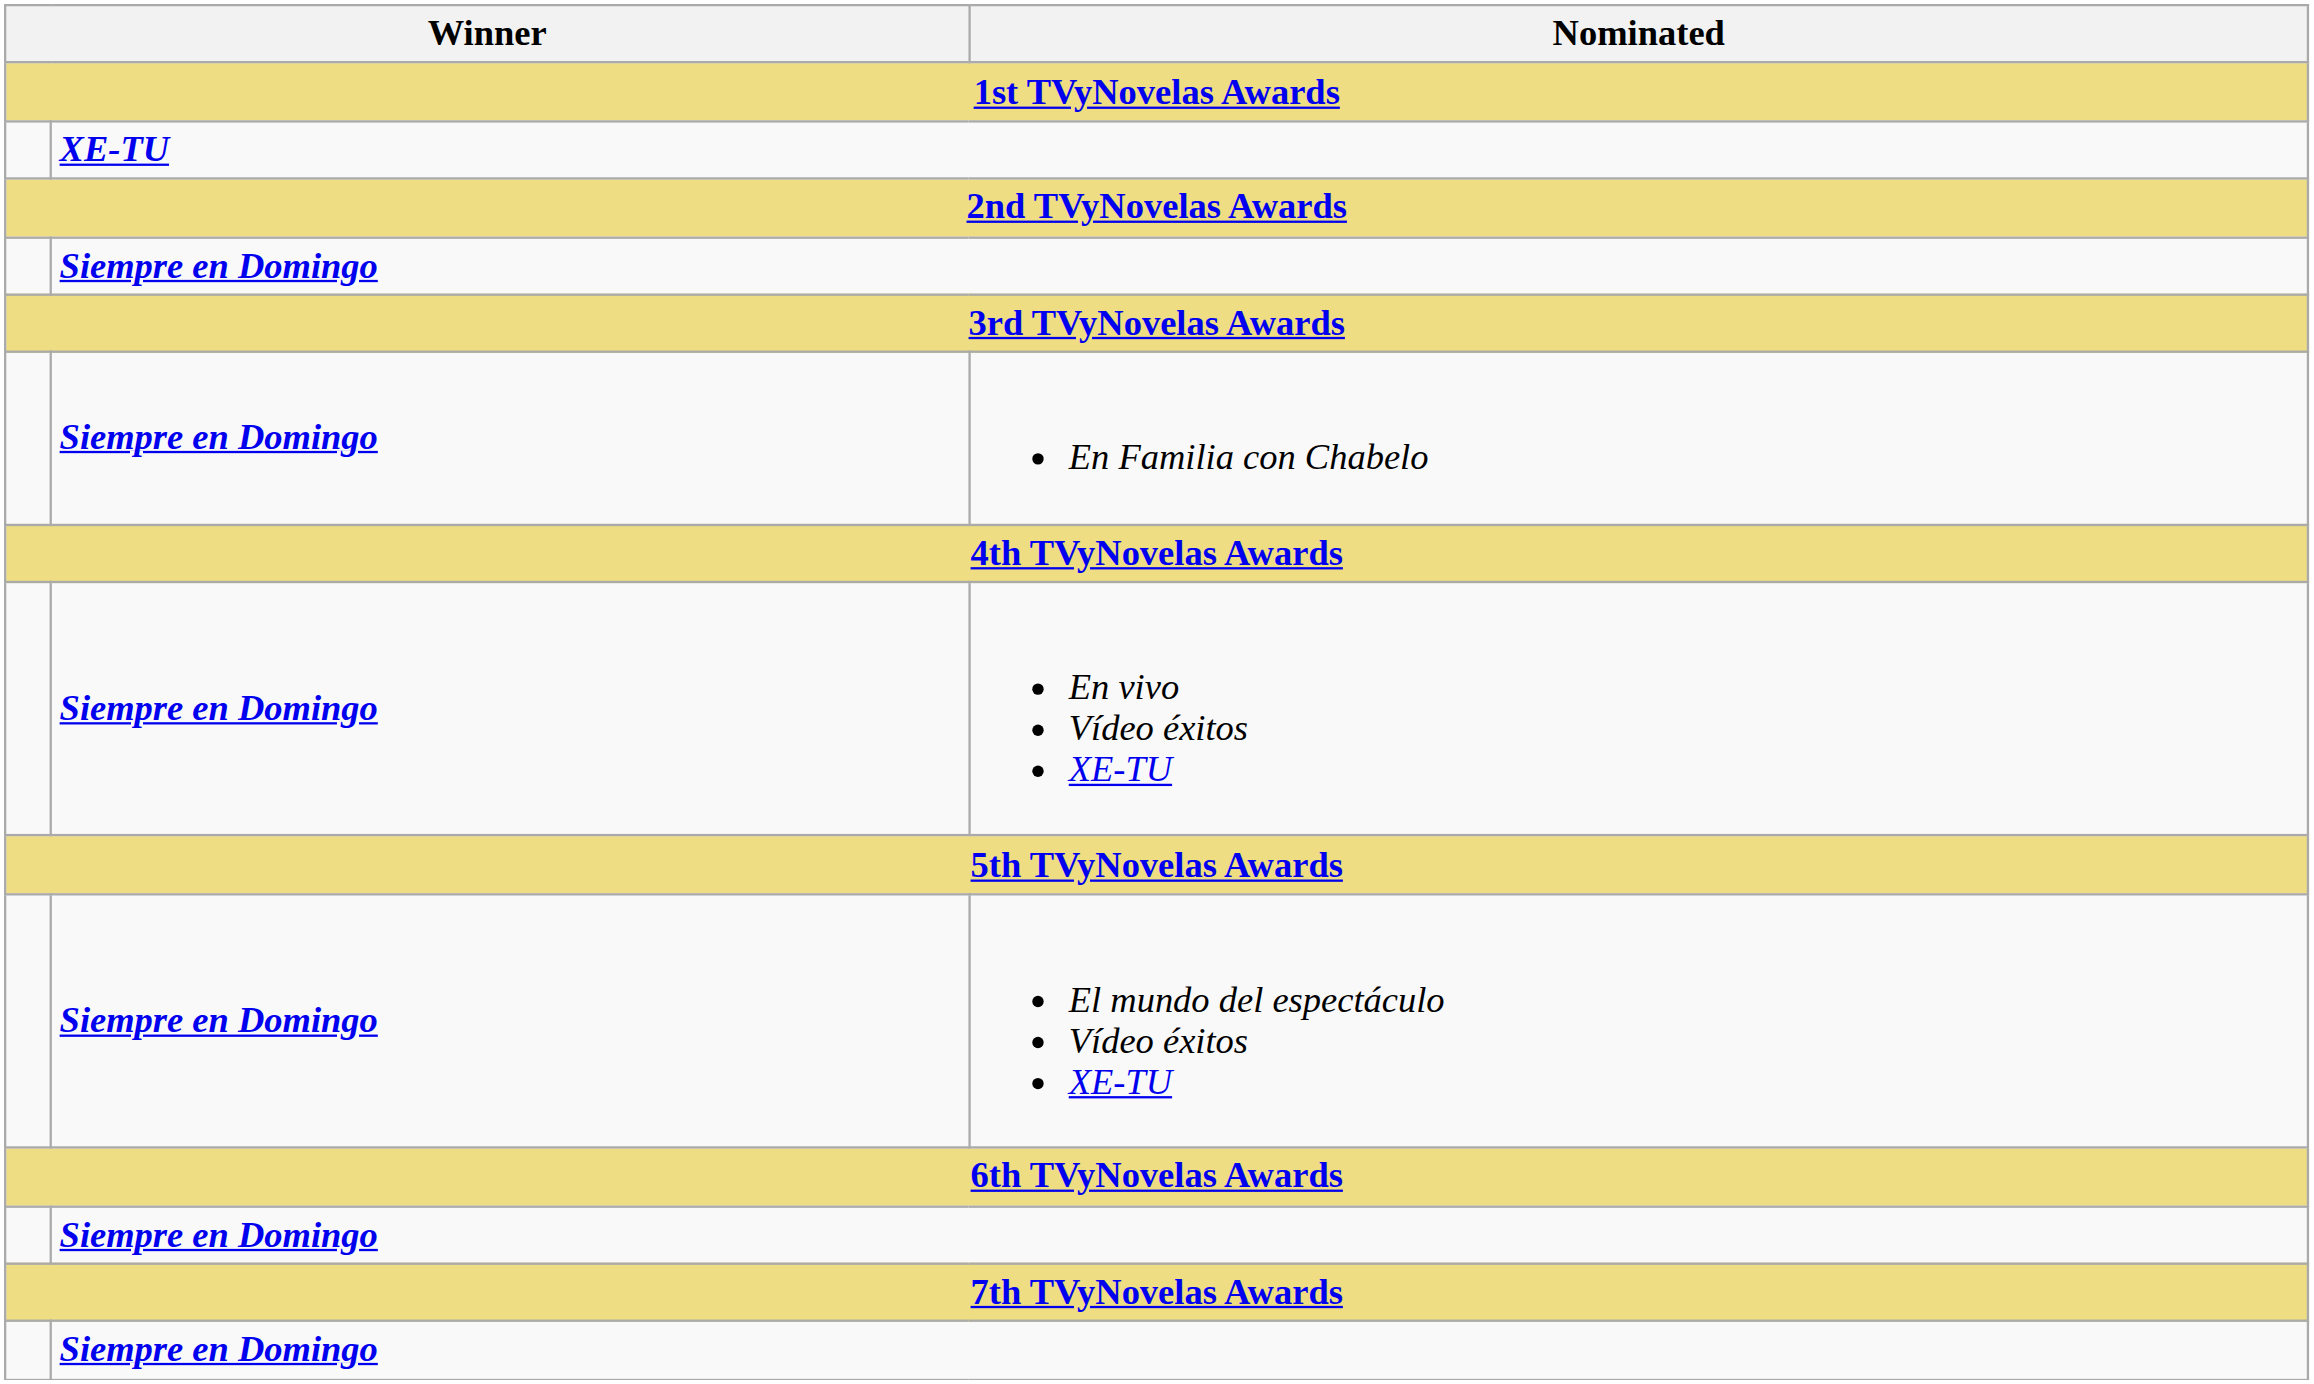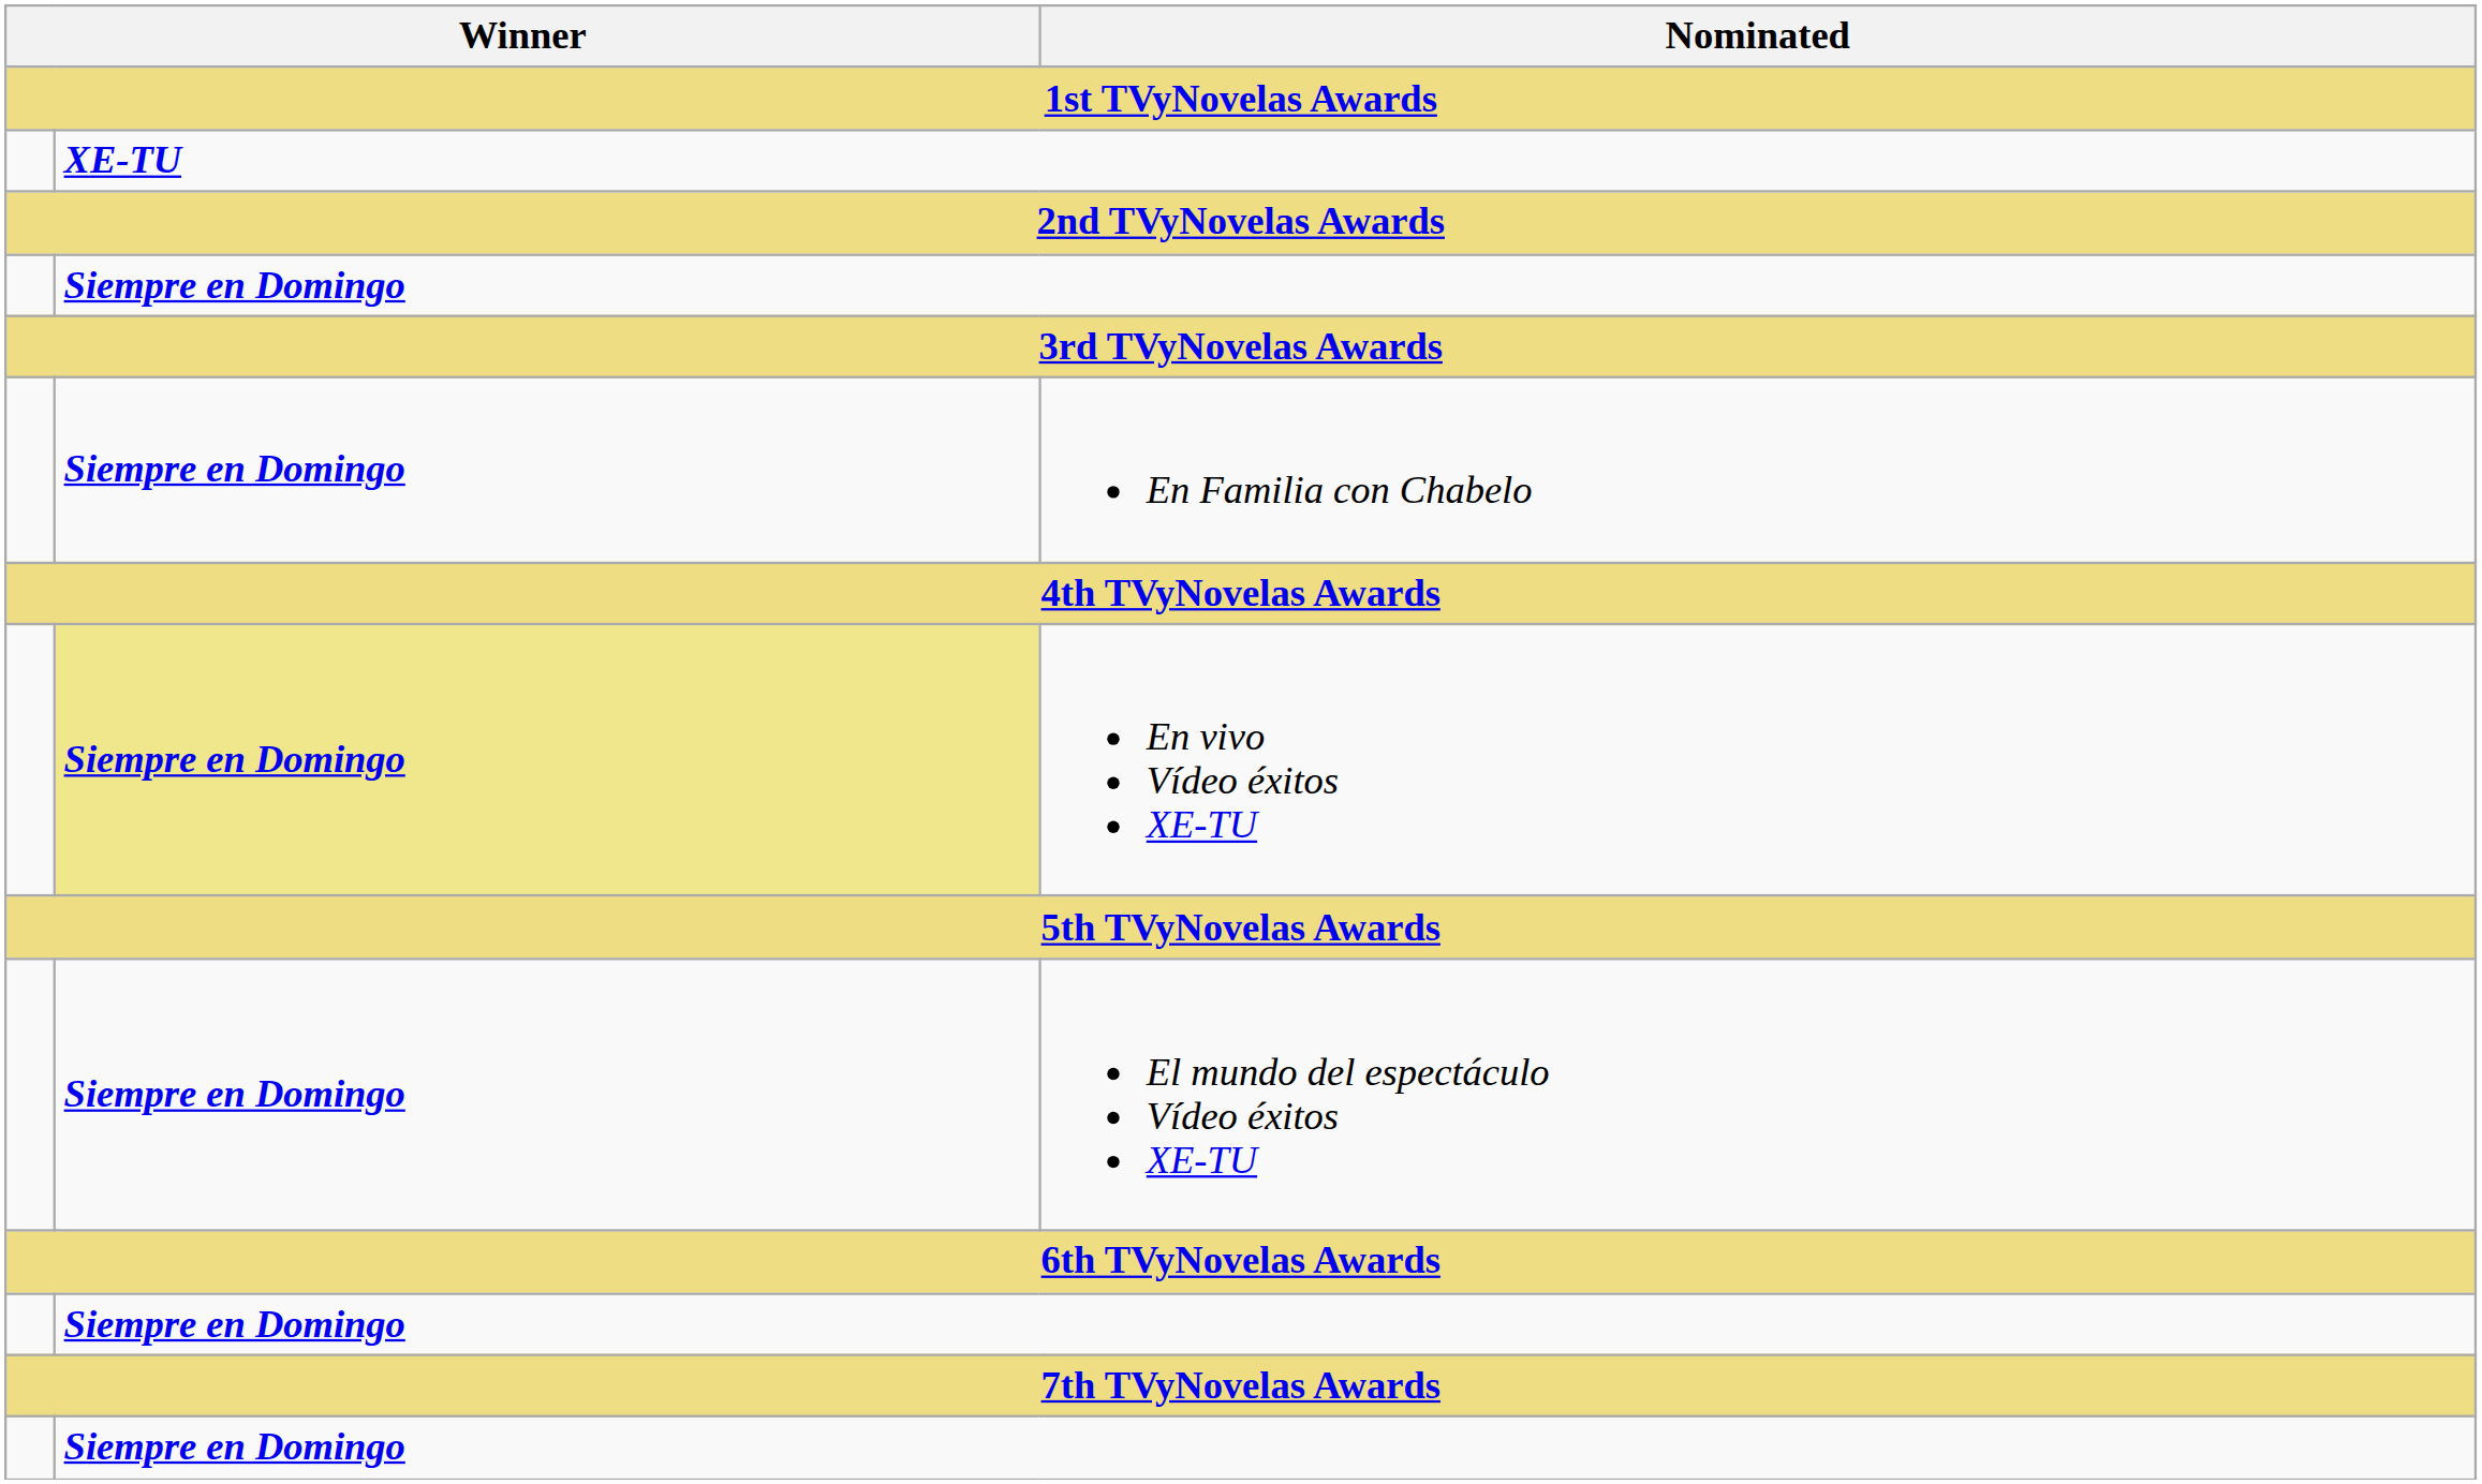 <table class="wikitable" width=80%>
 <tr align=center>
 <th width="150px;" colspan=2; align="center">Winner</th>
 <th width="580px;" align="center">Nominated</th>
 </tr>
 <tr>
 <th colspan=9 style="background:#EEDD82;"  align="center"><strong><a href='#'>1st TVyNovelas Awards</a></strong></th>
 </tr>
 <tr>
 <td width=2%></td>
 <td colspan=2><strong><em><a href='#'>XE-TU</a></em></strong></td>
 </tr>
 <tr>
 <th colspan=9 style="background:#EEDD82;"  align="center"><strong><a href='#'>2nd TVyNovelas Awards</a></strong></th>
 </tr>
 <tr>
 <td width=2%></td>
 <td colspan=2><strong><em><a href='#'>Siempre en Domingo</a></em></strong></td>
 </tr>
 <tr>
 <th colspan=9 style="background:#EEDD82;"  align="center"><strong><a href='#'>3rd TVyNovelas Awards</a></strong></th>
 </tr>
 <tr>
 <td width=2%></td>
 <td><strong><em><a href='#'>Siempre en Domingo</a></em></strong></td>
 <td><br><ul><li><em>En Familia con Chabelo</em></li></ul></td>
 </tr>
 <tr>
 <th colspan=9 style="background:#EEDD82;"  align="center"><strong><a href='#'>4th TVyNovelas Awards</a></strong></th>
 </tr>
 <tr>
 <td width=2%></td>
-<td><strong><em><a href='#'>Siempre en Domingo</a></em></strong></td>
+<td style="background: khaki;"><strong><em><a href='#'>Siempre en Domingo</a></em></strong></td>
 <td><br><ul><li><em>En vivo</em></li><li><em>Vídeo éxitos</em></li><li><em><a href='#'>XE-TU</a></em></li></ul></td>
 </tr>
 <tr>
 <th colspan=9 style="background:#EEDD82;"  align="center"><strong><a href='#'>5th TVyNovelas Awards</a></strong></th>
 </tr>
 <tr>
 <td width=2%></td>
 <td><strong><em><a href='#'>Siempre en Domingo</a></em></strong></td>
 <td><br><ul><li><em>El mundo del espectáculo</em></li><li><em>Vídeo éxitos</em></li><li><em><a href='#'>XE-TU</a></em></li></ul></td>
 </tr>
 <tr>
 <th colspan=9 style="background:#EEDD82;"  align="center"><strong><a href='#'>6th TVyNovelas Awards</a></strong></th>
 </tr>
 <tr>
 <td width=2%></td>
 <td colspan=2><strong><em><a href='#'>Siempre en Domingo</a></em></strong></td>
 </tr>
 <tr>
 <th colspan=9 style="background:#EEDD82;"  align="center"><strong><a href='#'>7th TVyNovelas Awards</a></strong></th>
 </tr>
 <tr>
 <td width=2%></td>
 <td colspan=2><strong><em><a href='#'>Siempre en Domingo</a></em></strong></td>
 </tr>
 </table>
